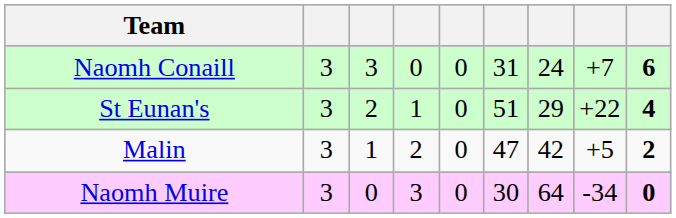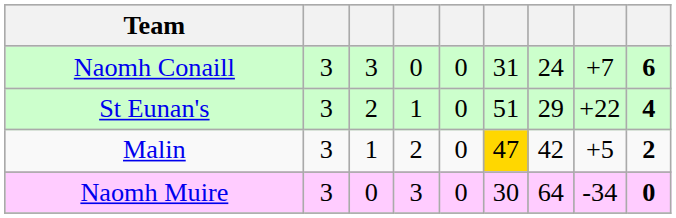 <table class="wikitable" style="text-align:center">
 <tr>
 <th style="width:175px;">Team</th>
 <th width="20"></th>
 <th width="20"></th>
 <th width="20"></th>
 <th width="20"></th>
 <th width="20"></th>
 <th width="20"></th>
 <th width="20"></th>
 <th width="20"></th>
 </tr>
 <tr style="background:#cfc;">
 <td><a href='#'>Naomh Conaill</a></td>
 <td>3</td>
 <td>3</td>
 <td>0</td>
 <td>0</td>
 <td>31</td>
 <td>24</td>
 <td>+7</td>
 <td><strong>6</strong></td>
 </tr>
 <tr style="background:#cfc;">
 <td><a href='#'>St Eunan's</a></td>
 <td>3</td>
 <td>2</td>
 <td>1</td>
 <td>0</td>
 <td>51</td>
 <td>29</td>
 <td>+22</td>
 <td><strong>4</strong></td>
 </tr>
 <tr>
 <td><a href='#'>Malin</a></td>
 <td>3</td>
 <td>1</td>
 <td>2</td>
 <td>0</td>
-<td>47</td>
+<td style="background: gold;">47</td>
 <td>42</td>
 <td>+5</td>
 <td><strong>2</strong></td>
 </tr>
 <tr style="background:#fcf;">
 <td><a href='#'>Naomh Muire</a></td>
 <td>3</td>
 <td>0</td>
 <td>3</td>
 <td>0</td>
 <td>30</td>
 <td>64</td>
 <td>-34</td>
 <td><strong>0</strong></td>
 </tr>
 </table>
